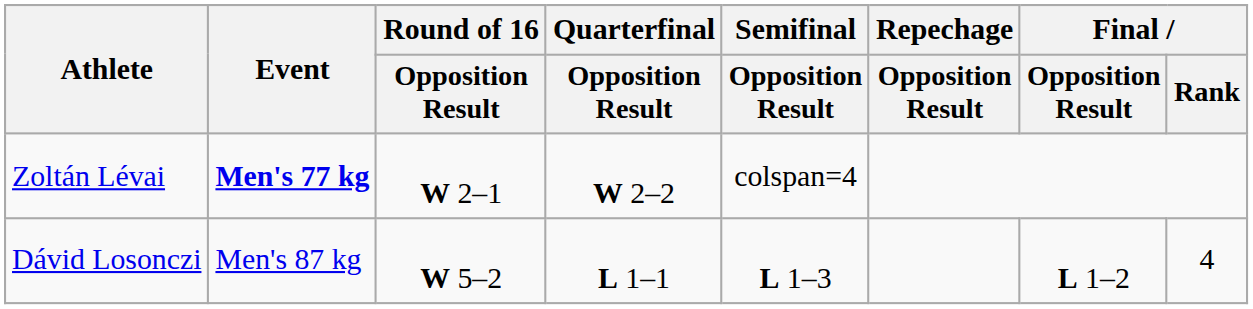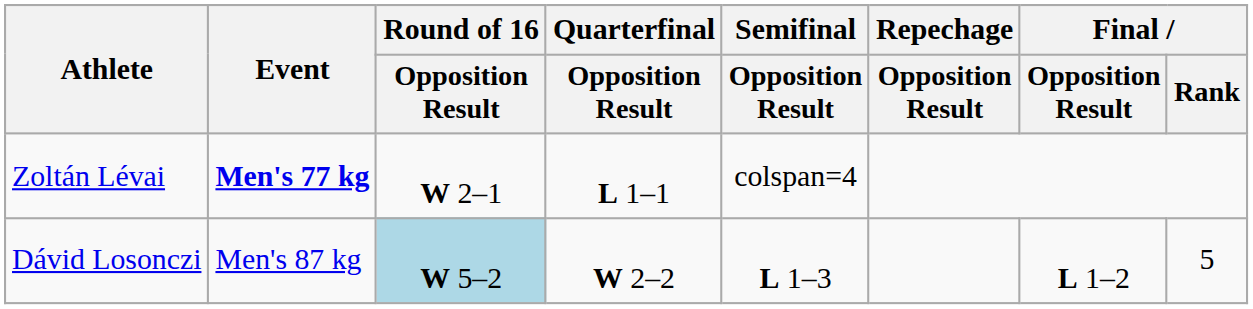 <table class="wikitable" style="font-size:90%">
 <tr>
 <th rowspan=2>Athlete</th>
 <th rowspan=2>Event</th>
 <th>Round of 16</th>
 <th>Quarterfinal</th>
 <th>Semifinal</th>
 <th>Repechage</th>
 <th colspan=2>Final / </th>
 </tr>
 <tr style="font-size: 95%">
 <th>Opposition<br>Result</th>
 <th>Opposition<br>Result</th>
 <th>Opposition<br>Result</th>
 <th>Opposition<br>Result</th>
 <th>Opposition<br>Result</th>
 <th>Rank</th>
 </tr>
 <tr align=center>
 <td align=left><a href='#'>Zoltán Lévai</a></td>
 <td align=left><strong><a href='#'>Men's 77 kg</a></strong></td>
 <td><br><strong>W</strong> 2–1</td>
-<td><br><strong>W</strong> 2–2</td>
+<td><br><strong>L</strong> 1–1</td>
 <td>colspan=4 </td>
 </tr>
 <tr align=center>
 <td align=left><a href='#'>Dávid Losonczi</a></td>
 <td align=left><a href='#'>Men's 87 kg</a></td>
-<td><br><strong>W</strong> 5–2</td>
-<td><br><strong>L</strong> 1–1</td>
+<td style="background: lightblue;"><br><strong>W</strong> 5–2</td>
+<td><br><strong>W</strong> 2–2</td>
 <td><br><strong>L</strong> 1–3</td>
 <td></td>
 <td><br><strong>L</strong> 1–2</td>
-<td>4</td>
+<td>5</td>
 </tr>
 </table>
